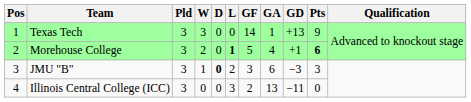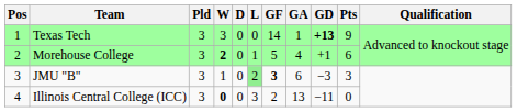 <table class="wikitable" style="text-align:center">
 <tr>
 <th>Pos</th>
 <th>Team</th>
 <th>Pld</th>
 <th>W</th>
 <th>D</th>
 <th>L</th>
 <th>GF</th>
 <th>GA</th>
 <th>GD</th>
 <th>Pts</th>
 <th>Qualification</th>
 </tr>
 <tr bgcolor="#9eff9e">
 <td>1</td>
 <td style="text-align:left">Texas Tech</td>
 <td>3</td>
 <td>3</td>
 <td>0</td>
 <td>0</td>
 <td>14</td>
 <td>1</td>
-<td>+13</td>
+<td><strong>+13</strong></td>
 <td>9</td>
 <td rowspan="2">Advanced to knockout stage</td>
 </tr>
 <tr bgcolor="#9eff9e">
 <td>2</td>
 <td style="text-align:left">Morehouse College</td>
 <td>3</td>
-<td>2</td>
+<td><strong>2</strong></td>
 <td>0</td>
-<td><strong>1</strong></td>
+<td>1</td>
 <td>5</td>
 <td>4</td>
 <td>+1</td>
-<td><strong>6</strong></td>
+<td>6</td>
 </tr>
 <tr>
 <td>3</td>
 <td style="text-align:left">JMU "B"</td>
 <td>3</td>
 <td>1</td>
-<td><strong>0</strong></td>
-<td>2</td>
-<td>3</td>
+<td>0</td>
+<td style="background: lightgreen;">2</td>
+<td><strong>3</strong></td>
 <td>6</td>
 <td>−3</td>
 <td>3</td>
 <td rowspan="2"></td>
 </tr>
 <tr>
 <td>4</td>
 <td style="text-align:left">Illinois Central College (ICC)</td>
 <td>3</td>
-<td>0</td>
+<td><strong>0</strong></td>
 <td>0</td>
 <td>3</td>
 <td>2</td>
 <td>13</td>
 <td>−11</td>
 <td>0</td>
 </tr>
 </table>
